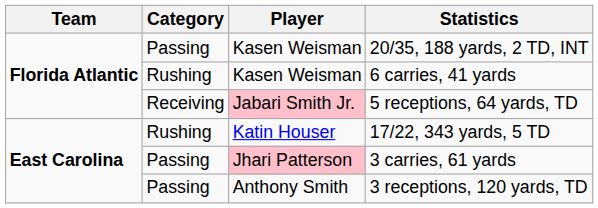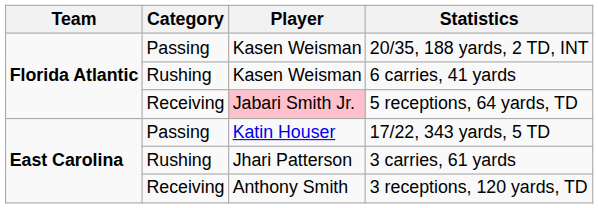 <table class="wikitable" style="float: right;">
 <tr>
 <th>Team</th>
 <th>Category</th>
 <th>Player</th>
 <th>Statistics</th>
 </tr>
 <tr>
 <td rowspan=3><strong>Florida Atlantic</strong></td>
 <td>Passing</td>
 <td>Kasen Weisman</td>
 <td>20/35, 188 yards, 2 TD, INT</td>
 </tr>
 <tr>
 <td>Rushing</td>
 <td>Kasen Weisman</td>
 <td>6 carries, 41 yards</td>
 </tr>
 <tr>
 <td>Receiving</td>
 <td style="background: pink;">Jabari Smith Jr.</td>
 <td>5 receptions, 64 yards, TD</td>
 </tr>
 <tr>
 <td rowspan=3><strong>East Carolina</strong></td>
-<td>Rushing</td>
+<td>Passing</td>
 <td><a href='#'>Katin Houser</a></td>
 <td>17/22, 343 yards, 5 TD</td>
 </tr>
 <tr>
-<td>Passing</td>
-<td style="background: pink;">Jhari Patterson</td>
+<td>Rushing</td>
+<td>Jhari Patterson</td>
 <td>3 carries, 61 yards</td>
 </tr>
 <tr>
-<td>Passing</td>
+<td>Receiving</td>
 <td>Anthony Smith</td>
 <td>3 receptions, 120 yards, TD</td>
 </tr>
 </table>
